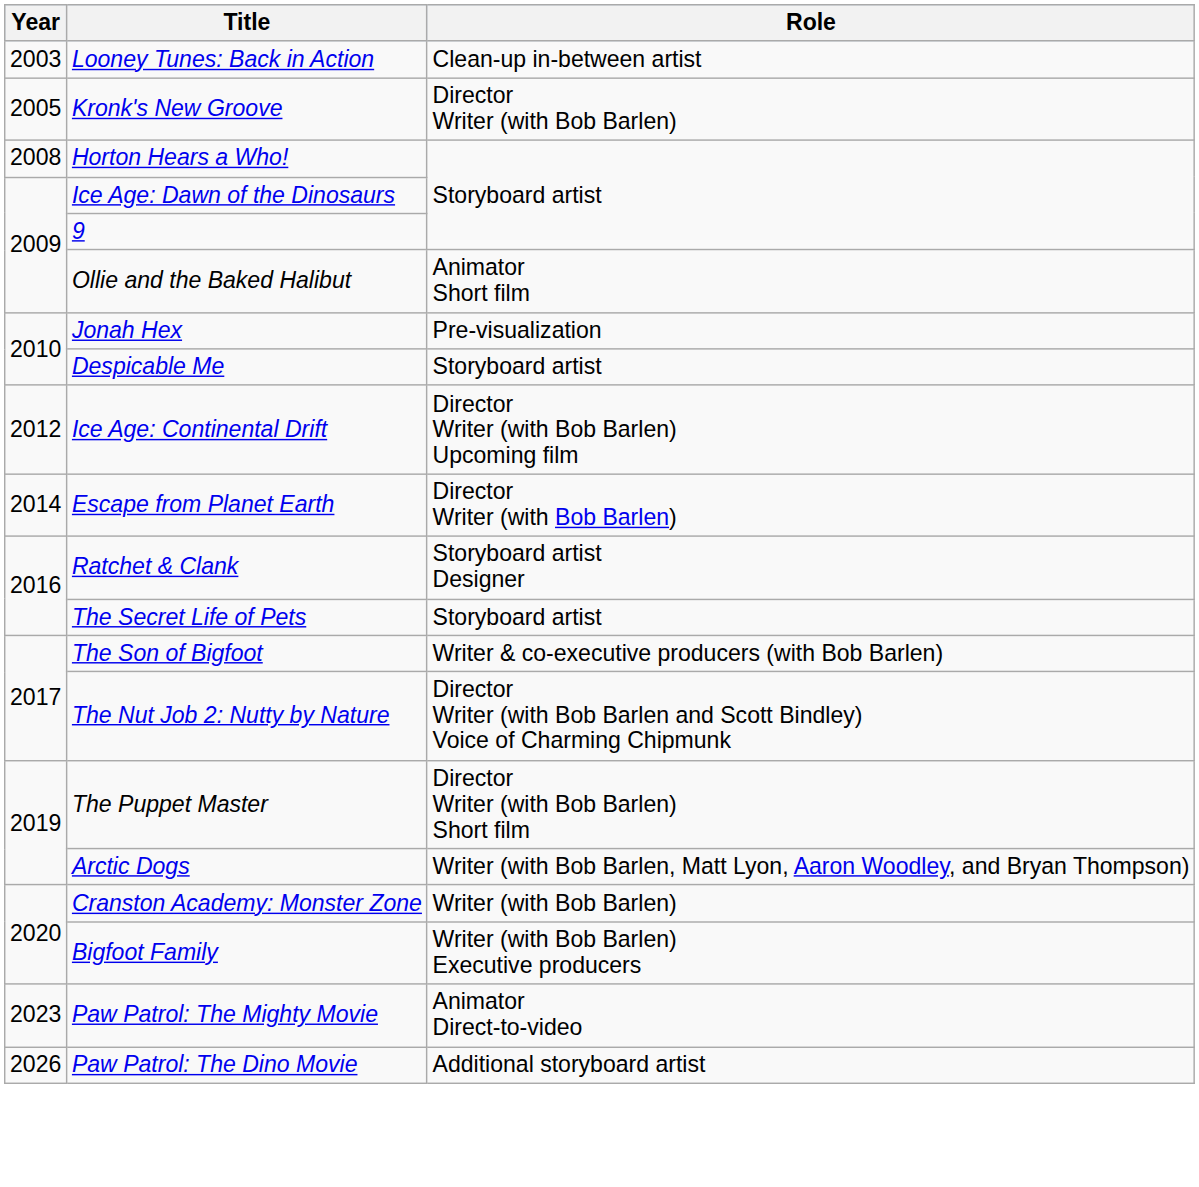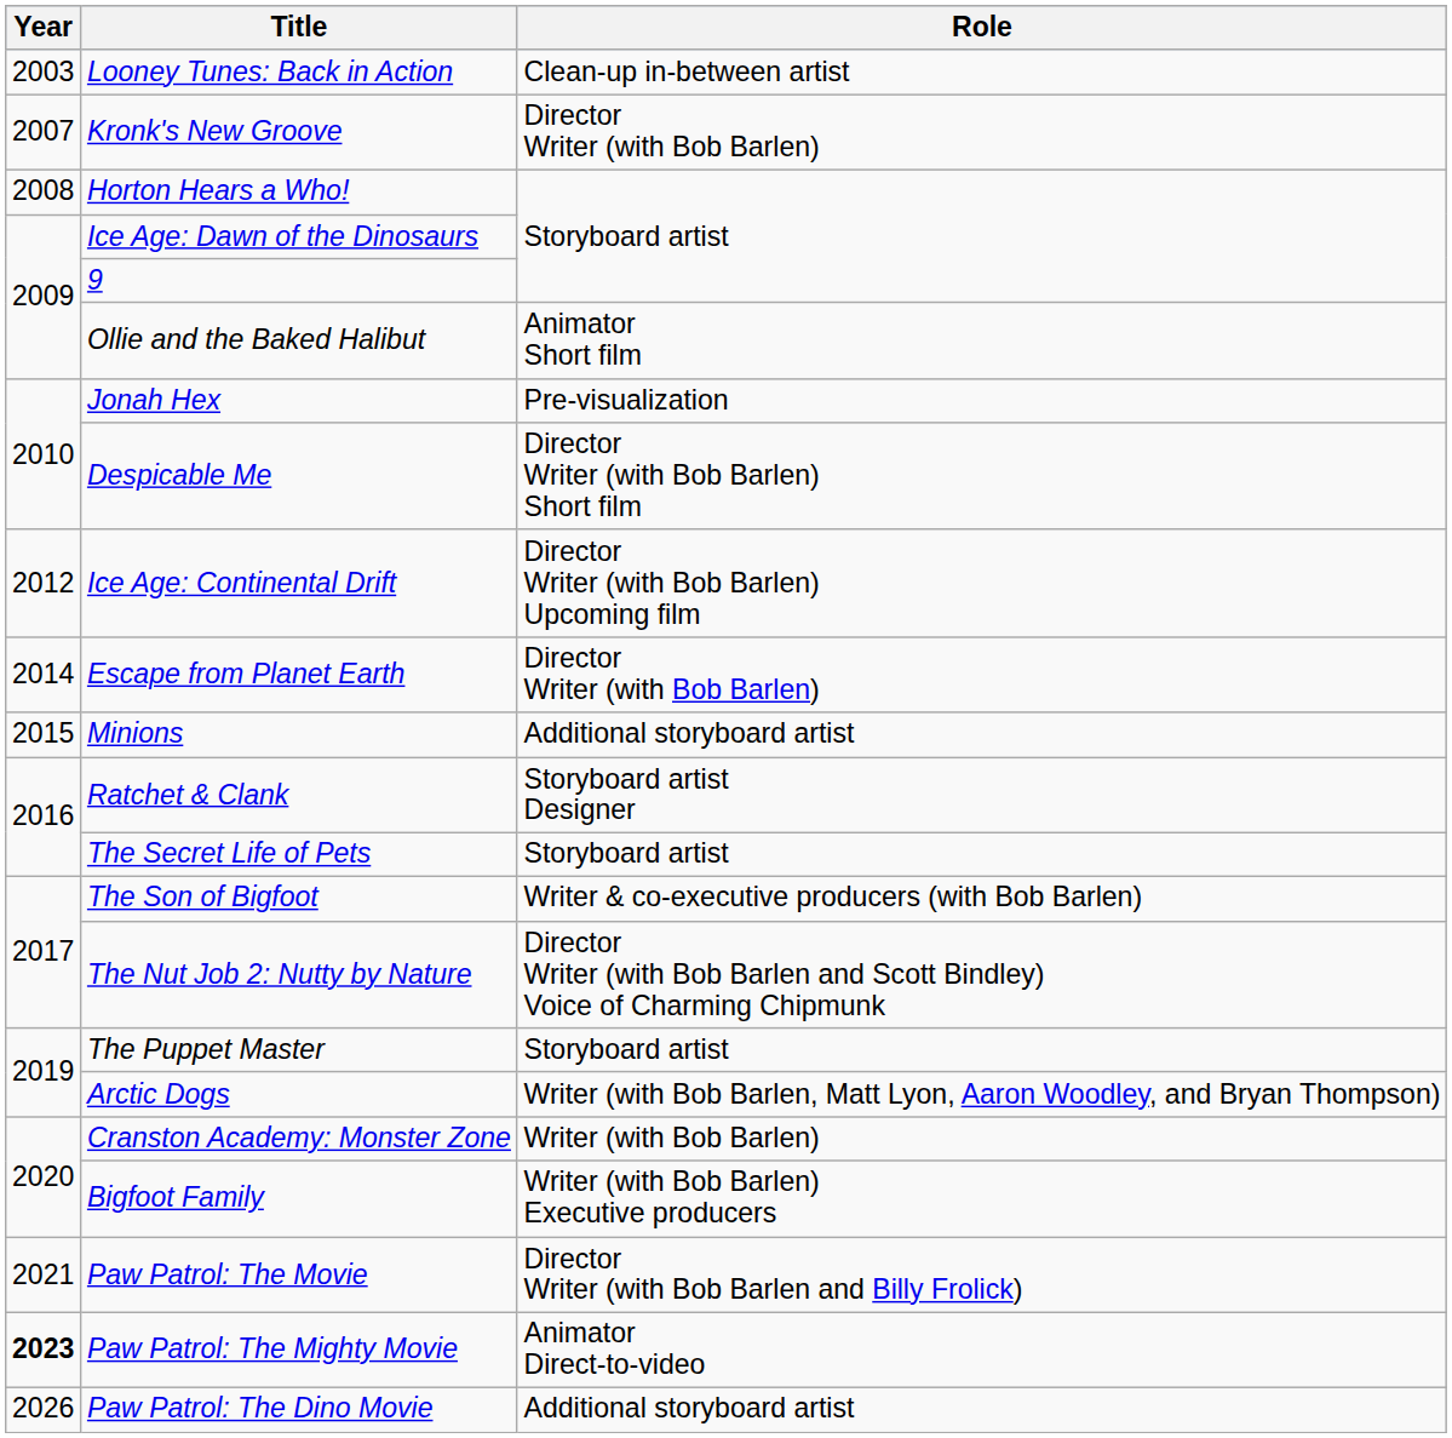 <table class="wikitable sortable">
 <tr style="background:#b0c4de; text-align:center;">
 <th>Year</th>
 <th>Title</th>
 <th>Role</th>
 </tr>
 <tr>
 <td>2003</td>
 <td><em><a href='#'>Looney Tunes: Back in Action</a></em></td>
 <td>Clean-up in-between artist</td>
 </tr>
 <tr>
-<td>2005</td>
+<td>2007</td>
 <td><em><a href='#'>Kronk's New Groove</a></em></td>
 <td>Director<br>Writer (with Bob Barlen)</td>
 </tr>
 <tr>
 <td>2008</td>
 <td><em><a href='#'>Horton Hears a Who!</a></em></td>
 <td rowspan="3">Storyboard artist</td>
 </tr>
 <tr>
 <td rowspan="3">2009</td>
 <td><em><a href='#'>Ice Age: Dawn of the Dinosaurs</a></em></td>
 </tr>
 <tr>
 <td><em><a href='#'>9</a></em></td>
 </tr>
 <tr>
 <td><em>Ollie and the Baked Halibut</em></td>
 <td>Animator<br>Short film</td>
 </tr>
 <tr>
 <td rowspan="2">2010</td>
 <td><em><a href='#'>Jonah Hex</a></em></td>
 <td>Pre-visualization</td>
 </tr>
 <tr>
 <td><em><a href='#'>Despicable Me</a></em></td>
-<td>Storyboard artist</td>
+<td>Director<br>Writer (with Bob Barlen)<br>Short film</td>
 </tr>
 <tr>
 <td>2012</td>
 <td><em><a href='#'>Ice Age: Continental Drift</a></em></td>
 <td>Director<br>Writer (with Bob Barlen)<br>Upcoming film</td>
 </tr>
 <tr>
 <td>2014</td>
 <td><em><a href='#'>Escape from Planet Earth</a></em></td>
 <td>Director<br>Writer (with <a href='#'>Bob Barlen</a>)</td>
+</tr>
+<tr>
+<td>2015</td>
+<td><em><a href='#'>Minions</a></em></td>
+<td>Additional storyboard artist</td>
 </tr>
 <tr>
 <td rowspan="2">2016</td>
 <td><em><a href='#'>Ratchet & Clank</a></em></td>
 <td>Storyboard artist<br>Designer</td>
 </tr>
 <tr>
 <td><em><a href='#'>The Secret Life of Pets</a></em></td>
 <td>Storyboard artist</td>
 </tr>
 <tr>
 <td rowspan="2">2017</td>
 <td><em><a href='#'>The Son of Bigfoot</a></em></td>
 <td>Writer & co-executive producers (with Bob Barlen)</td>
 </tr>
 <tr>
 <td><em><a href='#'>The Nut Job 2: Nutty by Nature</a></em></td>
 <td>Director<br>Writer (with Bob Barlen and Scott Bindley)<br>Voice of Charming Chipmunk</td>
 </tr>
 <tr>
 <td rowspan="2">2019</td>
 <td><em>The Puppet Master</em></td>
-<td>Director<br>Writer (with Bob Barlen)<br>Short film</td>
+<td>Storyboard artist</td>
 </tr>
 <tr>
 <td><em><a href='#'>Arctic Dogs</a></em></td>
 <td>Writer (with Bob Barlen, Matt Lyon, <a href='#'>Aaron Woodley</a>, and Bryan Thompson)</td>
 </tr>
 <tr>
 <td rowspan="2">2020</td>
 <td><em><a href='#'>Cranston Academy: Monster Zone</a></em></td>
 <td>Writer (with Bob Barlen)</td>
 </tr>
 <tr>
 <td><em><a href='#'>Bigfoot Family</a></em></td>
 <td>Writer (with Bob Barlen)<br>Executive producers</td>
 </tr>
 <tr>
-<td>2023</td>
+<td>2021</td>
+<td><em><a href='#'>Paw Patrol: The Movie</a></em></td>
+<td>Director<br>Writer (with Bob Barlen and <a href='#'>Billy Frolick</a>)</td>
+</tr>
+<tr>
+<td><strong>2023</strong></td>
 <td><em><a href='#'>Paw Patrol: The Mighty Movie</a></em></td>
 <td>Animator<br>Direct-to-video</td>
 </tr>
 <tr>
 <td>2026</td>
 <td><em><a href='#'>Paw Patrol: The Dino Movie</a></em></td>
 <td>Additional storyboard artist</td>
 </tr>
 </table>
